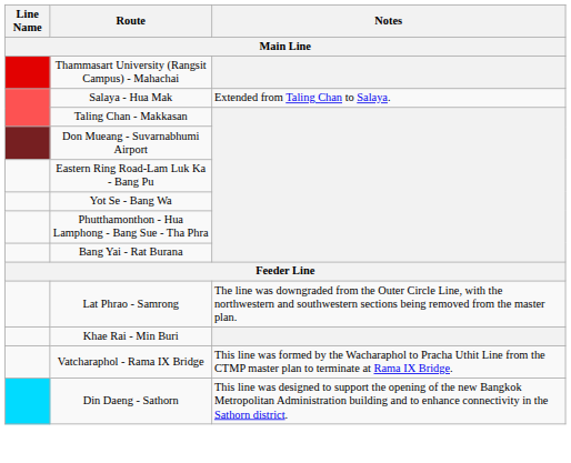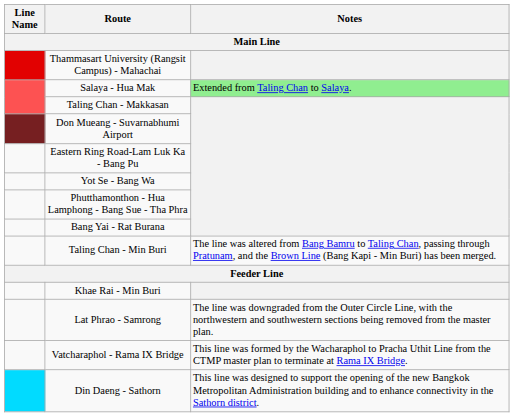 <table class="wikitable" style="margin:auto;font-align:center;text-align:center;font-size:80%;">
 <tr>
 <th>Line Name</th>
 <th>Route</th>
 <th>Notes</th>
 </tr>
 <tr>
 <th colspan="3">Main Line</th>
 </tr>
 <tr>
 <td style="background:#E20101"><strong><a href='#'></a></strong></td>
 <td>Thammasart University (Rangsit Campus) - Mahachai</td>
 <th></th>
 </tr>
 <tr>
 <td rowspan="2" style="background:#FD5252"><strong><a href='#'></a></strong></td>
 <td>Salaya - Hua Mak</td>
-<td style="text-align: left;">Extended from <a href='#'>Taling Chan</a> to <a href='#'>Salaya</a>.</td>
+<td style="background: lightgreen; text-align: left;">Extended from <a href='#'>Taling Chan</a> to <a href='#'>Salaya</a>.</td>
 </tr>
 <tr>
 <td>Taling Chan - Makkasan</td>
 <th rowspan="6"></th>
 </tr>
 <tr>
 <td style="background:#761f21"><strong><a href='#'></a></strong></td>
 <td>Don Mueang - Suvarnabhumi Airport</td>
 </tr>
 <tr>
 <td style="background:#"><strong><a href='#'></a></strong></td>
 <td>Eastern Ring Road-Lam Luk Ka - Bang Pu</td>
 </tr>
 <tr>
 <td style="background:#"><strong><a href='#'></a></strong></td>
 <td>Yot Se - Bang Wa</td>
 </tr>
 <tr>
 <td style="background:#"><strong><a href='#'></a></strong></td>
 <td>Phutthamonthon - Hua Lamphong - Bang Sue - Tha Phra</td>
 </tr>
 <tr>
 <td style="background:#"><strong><a href='#'></a></strong></td>
 <td>Bang Yai - Rat Burana</td>
 </tr>
 <tr>
+<td style="background:#"><strong><a href='#'></a></strong></td>
+<td>Taling Chan - Min Buri</td>
+<td style="text-align: left;">The line was altered from <a href='#'>Bang Bamru</a> to <a href='#'>Taling Chan</a>, passing through <a href='#'>Pratunam</a>, and the <a href='#'>Brown Line</a> (Bang Kapi - Min Buri) has been merged.</td>
+</tr>
+<tr>
 <th colspan="3">Feeder Line</th>
+</tr>
+<tr>
+<td style="background:#"><strong><a href='#'></a></strong></td>
+<td>Khae Rai - Min Buri</td>
+<th></th>
 </tr>
 <tr>
 <td style="background:#"><strong><a href='#'></a></strong></td>
 <td>Lat Phrao - Samrong</td>
 <td style="text-align: left;">The line was downgraded from the Outer Circle Line, with the northwestern and southwestern sections being removed from the master plan.</td>
-</tr>
-<tr>
-<td style="background:#"><strong><a href='#'></a></strong></td>
-<td>Khae Rai - Min Buri</td>
-<th></th>
 </tr>
 <tr>
 <td style="background:#"><strong><a href='#'></a></strong></td>
 <td>Vatcharaphol - Rama IX Bridge</td>
 <td style="text-align: left;">This line was formed by the Wacharaphol to Pracha Uthit Line from the CTMP master plan to terminate at <a href='#'>Rama IX Bridge</a>.</td>
 </tr>
 <tr>
 <td style="background:#01DBFF"><strong><a href='#'></a></strong></td>
 <td>Din Daeng - Sathorn</td>
 <td style="text-align: left;">This line was designed to support the opening of the new Bangkok Metropolitan Administration building and to enhance connectivity in the <a href='#'>Sathorn district</a>.</td>
 </tr>
 </table>
